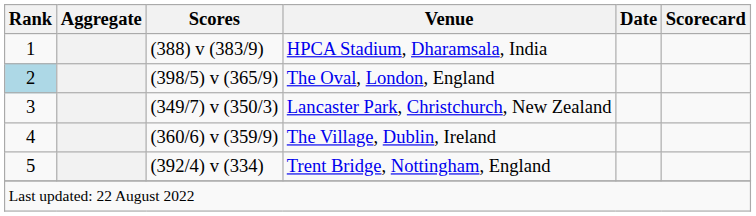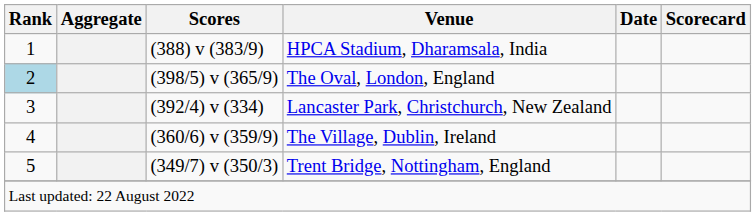 <table class="wikitable plainrowheaders sortable">
 <tr>
 <th scope=col>Rank</th>
 <th scope=col>Aggregate</th>
 <th scope=col>Scores</th>
 <th scope=col>Venue</th>
 <th scope=col>Date</th>
 <th scope=col>Scorecard</th>
 </tr>
 <tr>
 <td align=center>1</td>
 <th scope=row style=text-align:center;></th>
 <td> (388) v  (383/9)</td>
 <td><a href='#'>HPCA Stadium</a>, <a href='#'>Dharamsala</a>, India</td>
 <td></td>
 <td></td>
 </tr>
 <tr>
 <td align=center style="background: lightblue;">2</td>
 <th scope=row style=text-align:center;></th>
 <td> (398/5) v  (365/9)</td>
 <td><a href='#'>The Oval</a>, <a href='#'>London</a>, England</td>
 <td></td>
 <td></td>
 </tr>
 <tr>
 <td align=center>3</td>
 <th scope=row style=text-align:center;></th>
-<td> (349/7) v  (350/3)</td>
+<td> (392/4) v  (334)</td>
 <td><a href='#'>Lancaster Park</a>, <a href='#'>Christchurch</a>, New Zealand</td>
 <td></td>
 <td></td>
 </tr>
 <tr>
 <td align=center>4</td>
 <th scope=row style=text-align:center;></th>
 <td> (360/6) v  (359/9)</td>
 <td><a href='#'>The Village</a>, <a href='#'>Dublin</a>, Ireland</td>
 <td></td>
 <td></td>
 </tr>
 <tr>
 <td align=center>5</td>
 <th scope=row style=text-align:center;></th>
-<td> (392/4) v  (334)</td>
+<td> (349/7) v  (350/3)</td>
 <td><a href='#'>Trent Bridge</a>, <a href='#'>Nottingham</a>, England</td>
 <td></td>
 <td></td>
 </tr>
 <tr>
 </tr>
 <tr class=sortbottom>
 <td colspan=6><small>Last updated: 22 August 2022</small></td>
 </tr>
 </table>
